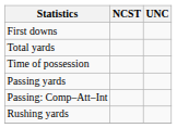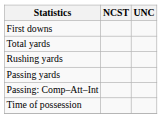 <table class="wikitable" style="float: left;">
 <tr>
 <th>Statistics</th>
 <th>NCST</th>
 <th>UNC</th>
 </tr>
 <tr>
 <td>First downs</td>
 <td></td>
 <td></td>
 </tr>
 <tr>
 <td>Total yards</td>
 <td></td>
 <td></td>
 </tr>
 <tr>
-<td>Time of possession</td>
+<td>Rushing yards</td>
 <td></td>
 <td></td>
 </tr>
 <tr>
 <td>Passing yards</td>
 <td></td>
 <td></td>
 </tr>
 <tr>
 <td>Passing: Comp–Att–Int</td>
 <td></td>
 <td></td>
 </tr>
 <tr>
-<td>Rushing yards</td>
+<td>Time of possession</td>
 <td></td>
 <td></td>
 </tr>
 <tr>
 </tr>
 </table>
